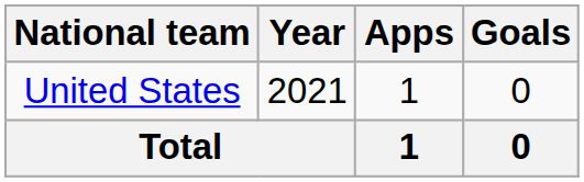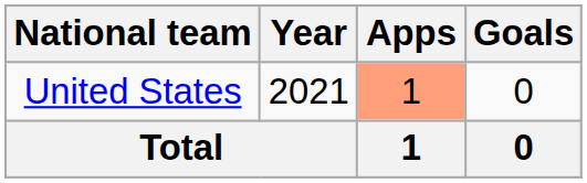 <table class="wikitable" style="text-align:center">
 <tr>
 <th>National team</th>
 <th>Year</th>
 <th>Apps</th>
 <th>Goals</th>
 </tr>
 <tr>
 <td rowspan=1><a href='#'>United States</a></td>
 <td>2021</td>
-<td>1</td>
+<td style="background: lightsalmon;">1</td>
 <td>0</td>
 </tr>
 <tr>
 <th colspan="2">Total</th>
 <th>1</th>
 <th>0</th>
 </tr>
 </table>
